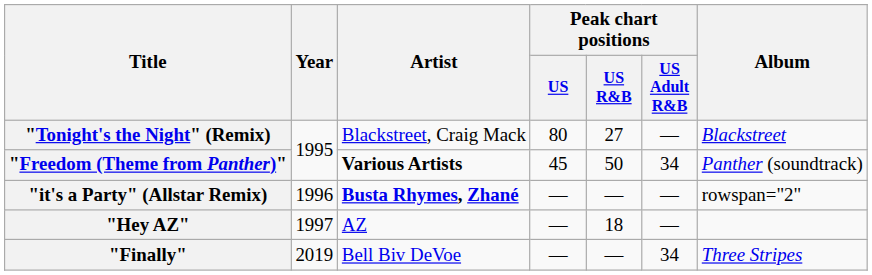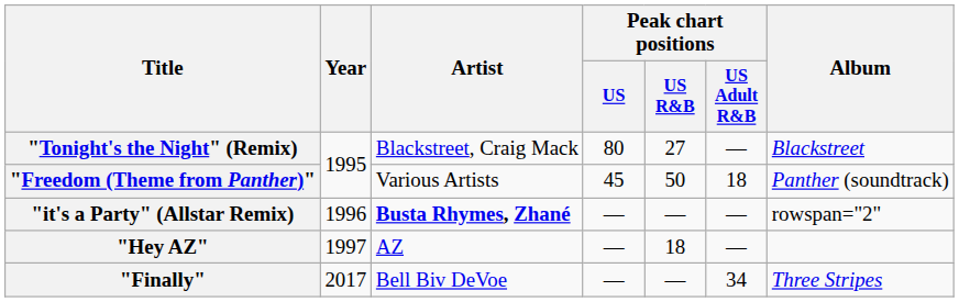 <table class="wikitable plainrowheaders">
 <tr>
 <th rowspan="2">Title</th>
 <th rowspan="2">Year</th>
 <th rowspan="2">Artist</th>
 <th colspan="3">Peak chart positions</th>
 <th rowspan="2">Album</th>
 </tr>
 <tr>
 <th style="width:3em;font-size:85%"><a href='#'>US</a><br></th>
 <th style="width:3em;font-size:85%"><a href='#'>US R&B</a><br></th>
 <th style="width:3em;font-size:85%"><a href='#'>US Adult R&B</a><br></th>
 </tr>
 <tr>
 <th scope="row">"<a href='#'>Tonight's the Night</a>" (Remix)</th>
 <td rowspan="2">1995</td>
 <td><a href='#'>Blackstreet</a>, Craig Mack</td>
 <td align="center">80</td>
 <td align="center">27</td>
 <td align="center">—</td>
 <td><em><a href='#'>Blackstreet</a></em></td>
 </tr>
 <tr>
 <th scope="row">"<a href='#'>Freedom (Theme from <em>Panther</em>)</a>"</th>
-<td><strong>Various Artists</strong></td>
+<td>Various Artists</td>
 <td align="center">45</td>
 <td align="center">50</td>
-<td align="center">34</td>
+<td align="center">18</td>
 <td><em><a href='#'>Panther</a></em> (soundtrack)</td>
 </tr>
 <tr>
 <th scope="row">"it's a Party" (Allstar Remix)</th>
 <td>1996</td>
 <td><strong><a href='#'>Busta Rhymes</a>, <a href='#'>Zhané</a></strong></td>
 <td align="center">—</td>
 <td align="center">—</td>
 <td align="center">—</td>
 <td>rowspan="2" </td>
 </tr>
 <tr>
 <th scope="row">"Hey AZ"</th>
 <td>1997</td>
 <td><a href='#'>AZ</a></td>
 <td align="center">—</td>
 <td align="center">18</td>
 <td align="center">—</td>
 </tr>
 <tr>
 <th scope="row">"Finally"</th>
-<td>2019</td>
+<td>2017</td>
 <td><a href='#'>Bell Biv DeVoe</a></td>
 <td align="center">—</td>
 <td align="center">—</td>
 <td align="center">34</td>
 <td><em><a href='#'>Three Stripes</a></em></td>
 </tr>
 </table>
